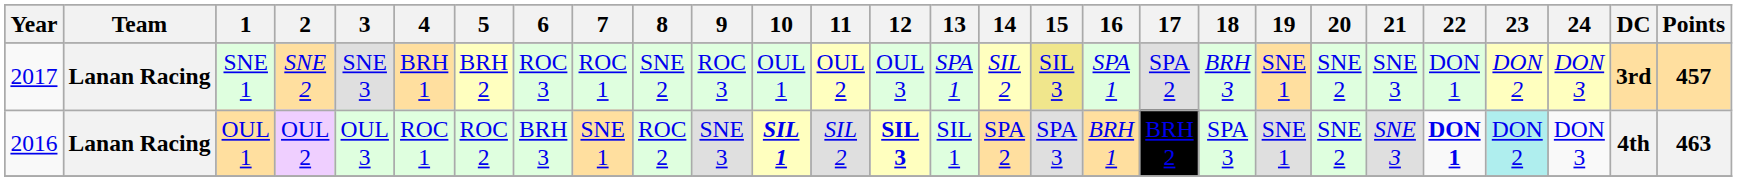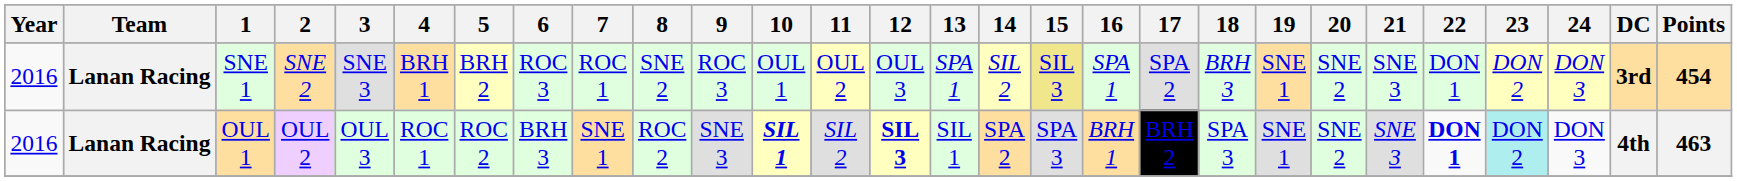 <table class="wikitable" style="text-align:center; font-size:85%">
 <tr>
 <th>Year</th>
 <th>Team</th>
 <th>1</th>
 <th>2</th>
 <th>3</th>
 <th>4</th>
 <th>5</th>
 <th>6</th>
 <th>7</th>
 <th>8</th>
 <th>9</th>
 <th>10</th>
 <th>11</th>
 <th>12</th>
 <th>13</th>
 <th>14</th>
 <th>15</th>
 <th>16</th>
 <th>17</th>
 <th>18</th>
 <th>19</th>
 <th>20</th>
 <th>21</th>
 <th>22</th>
 <th>23</th>
 <th>24</th>
 <th>DC</th>
 <th>Points</th>
 </tr>
 <tr>
-<td><a href='#'>2017</a></td>
+<td><a href='#'>2016</a></td>
 <th nowrap>Lanan Racing</th>
 <td style="background:#dfffdf;"><a href='#'>SNE<br>1</a><br></td>
 <td style="background:#ffdf9f;"><em><a href='#'>SNE<br>2</a></em><br></td>
 <td style="background:#dfdfdf;"><a href='#'>SNE<br>3</a><br></td>
 <td style="background:#ffdf9f;"><a href='#'>BRH<br>1</a><br></td>
 <td style="background:#ffffbf;"><a href='#'>BRH<br>2</a><br></td>
 <td style="background:#DFFFDF;"><a href='#'>ROC<br>3</a><br></td>
 <td style="background:#dfffdf;"><a href='#'>ROC<br>1</a><br></td>
 <td style="background:#DFFFDF;"><a href='#'>SNE<br>2</a><br></td>
 <td style="background:#dfffdf;"><a href='#'>ROC<br>3</a><br></td>
 <td style="background:#dfffdf;"><a href='#'>OUL<br>1</a><br></td>
 <td style="background:#ffffbf;"><a href='#'>OUL<br>2</a><br></td>
 <td style="background:#dfffdf;"><a href='#'>OUL<br>3</a><br></td>
 <td style="background:#DFFFDF;"><em><a href='#'>SPA<br>1</a></em><br></td>
 <td style="background:#ffffbf;"><em><a href='#'>SIL<br>2</a></em><br></td>
 <td style="background: khaki;"><a href='#'>SIL<br>3</a><br></td>
 <td style="background:#dfffdf;"><em><a href='#'>SPA<br>1</a></em><br></td>
 <td style="background:#dfdfdf;"><a href='#'>SPA<br>2</a><br></td>
 <td style="background:#DFFFDF;"><em><a href='#'>BRH<br>3</a></em><br></td>
 <td style="background:#ffdf9f;"><a href='#'>SNE<br>1</a><br></td>
 <td style="background:#dfffdf;"><a href='#'>SNE<br>2</a><br></td>
 <td style="background:#dfffdf;"><a href='#'>SNE<br>3</a><br></td>
 <td style="background:#dfffdf;"><a href='#'>DON<br>1</a><br></td>
 <td style="background:#ffffbf;"><em><a href='#'>DON<br>2</a></em><br></td>
 <td style="background:#ffffbf;"><em><a href='#'>DON<br>3</a></em><br></td>
 <th style="background:#ffdf9f;">3rd</th>
-<th style="background:#ffdf9f;">457</th>
+<th style="background:#ffdf9f;">454</th>
 </tr>
 <tr>
 <td><a href='#'>2016</a></td>
 <th nowrap>Lanan Racing</th>
 <td style="background:#FFDF9F;"><a href='#'>OUL<br>1</a><br></td>
 <td style="background:#EFCFFF;"><a href='#'>OUL<br>2</a><br></td>
 <td style="background:#DFFFDF;"><a href='#'>OUL<br>3</a><br></td>
 <td style="background:#DFFFDF;"><a href='#'>ROC<br>1</a><br></td>
 <td style="background:#DFFFDF;"><a href='#'>ROC<br>2</a><br></td>
 <td style="background:#dfffdf;"><a href='#'>BRH<br>3</a><br></td>
 <td style="background:#FFDF9F;"><a href='#'>SNE<br>1</a><br></td>
 <td style="background:#dfffdf;"><a href='#'>ROC<br>2</a><br></td>
 <td style="background:#DFDFDF;"><a href='#'>SNE<br>3</a><br></td>
 <td style="background:#FFFFBF;"><strong><em><a href='#'>SIL<br>1</a></em></strong><br></td>
 <td style="background:#DFDFDF;"><em><a href='#'>SIL<br>2</a></em><br></td>
 <td style="background:#FFFFBF;"><strong><a href='#'>SIL<br>3</a></strong><br></td>
 <td style="background:#dfffdf;"><a href='#'>SIL<br>1</a><br></td>
 <td style="background:#FFDF9F;"><a href='#'>SPA<br>2</a><br></td>
 <td style="background:#DFDFDF;"><a href='#'>SPA<br>3</a><br></td>
 <td style="background:#FFDF9F;"><em><a href='#'>BRH<br>1</a></em><br></td>
 <td style="background:#000000; color:white;"><a href='#'>BRH<br>2</a><br></td>
 <td style="background:#dfffdf;"><a href='#'>SPA<br>3</a><br></td>
 <td style="background:#DFDFDF;"><a href='#'>SNE<br>1</a><br></td>
 <td style="background:#DFFFDF;"><a href='#'>SNE<br>2</a><br></td>
 <td style="background:#DFDFDF;"><em><a href='#'>SNE<br>3</a></em><br></td>
 <td><strong><a href='#'>DON<br>1</a></strong></td>
 <td style="background: paleturquoise;"><a href='#'>DON<br>2</a></td>
 <td><a href='#'>DON<br>3</a></td>
 <th>4th</th>
 <th>463</th>
 </tr>
 <tr>
 </tr>
 </table>
